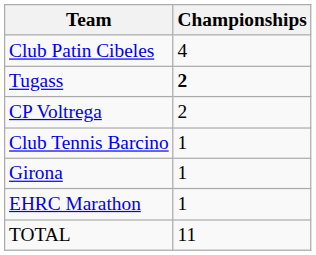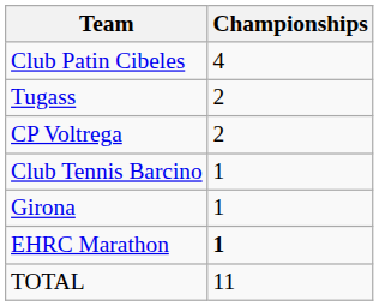 <table class="wikitable sortable">
 <tr>
 <th>Team</th>
 <th>Championships</th>
 </tr>
 <tr>
 <td> <a href='#'>Club Patin Cibeles</a></td>
 <td>4</td>
 </tr>
 <tr>
 <td> <a href='#'>Tugass</a></td>
-<td><strong>2</strong></td>
+<td>2</td>
 </tr>
 <tr>
 <td>   <a href='#'>CP Voltrega</a></td>
 <td>2</td>
 </tr>
 <tr>
 <td> <a href='#'>Club Tennis Barcino</a></td>
 <td>1</td>
 </tr>
 <tr>
 <td> <a href='#'>Girona</a></td>
 <td>1</td>
 </tr>
 <tr>
 <td> <a href='#'>EHRC Marathon</a></td>
-<td>1</td>
+<td><strong>1</strong></td>
 </tr>
 <tr>
 <td>TOTAL</td>
 <td>11</td>
 </tr>
 </table>
